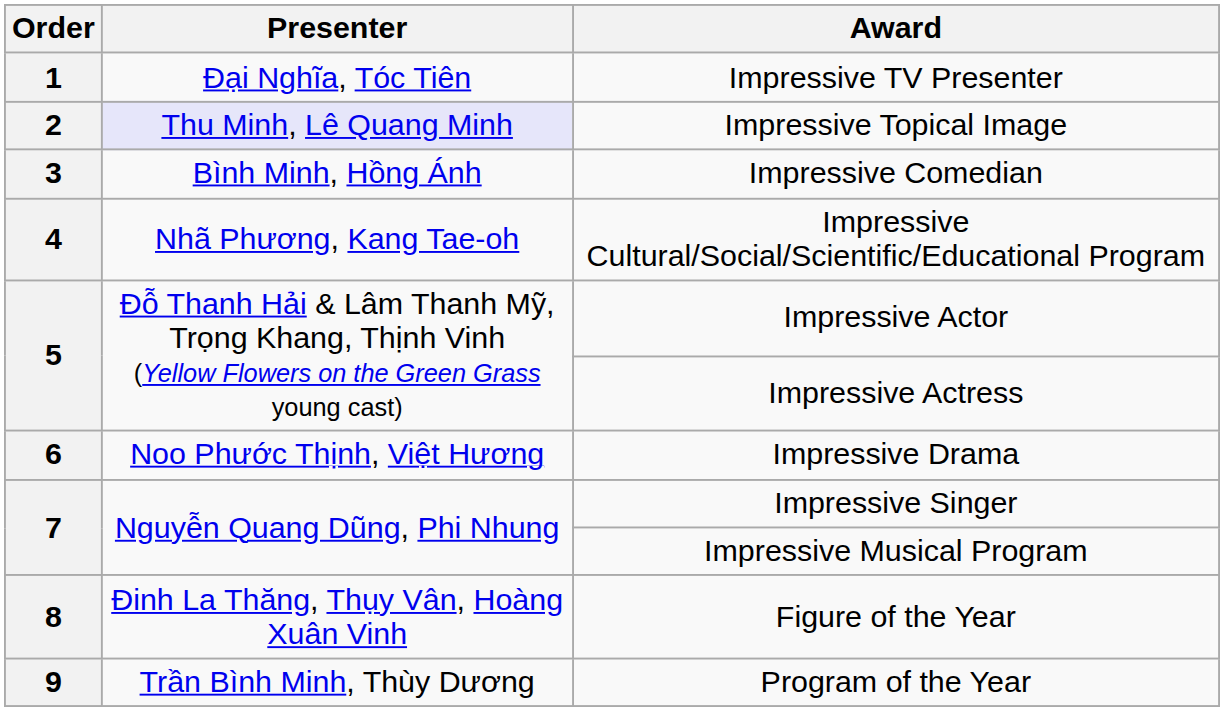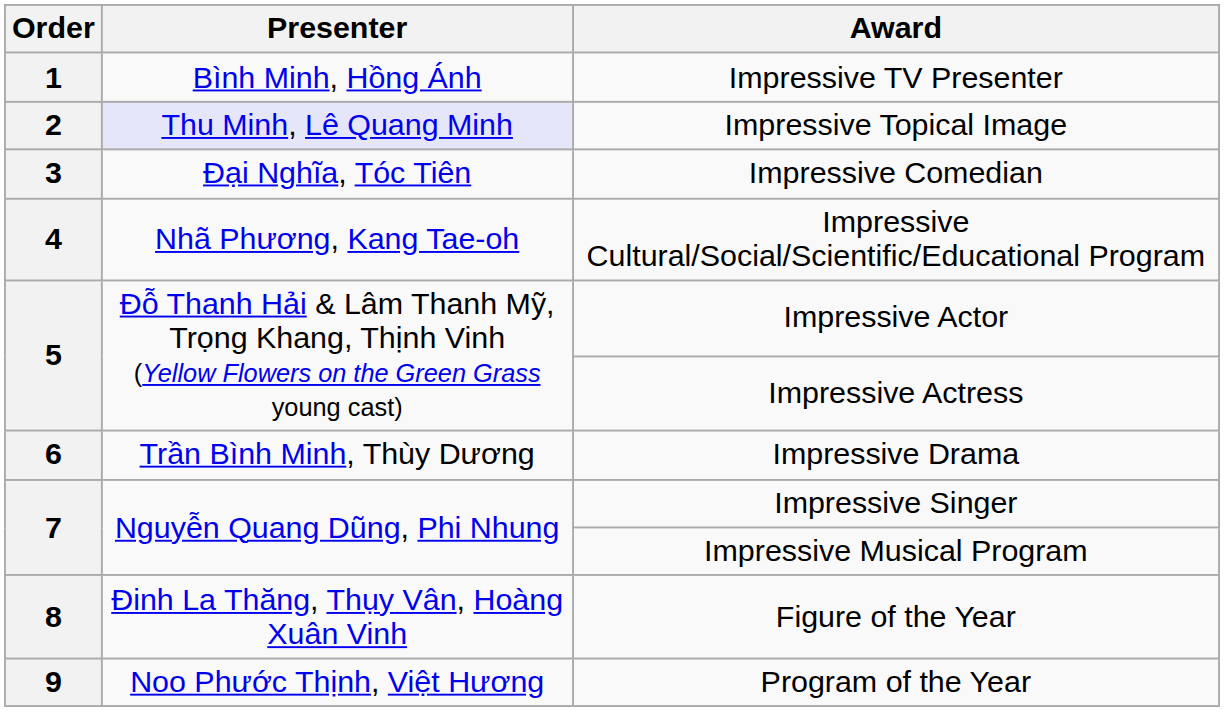 <table class="wikitable" style="text-align:center; width:72.4%;">
 <tr>
 <th>Order</th>
 <th>Presenter</th>
 <th>Award</th>
 </tr>
 <tr>
 <th>1</th>
-<td><a href='#'>Đại Nghĩa</a>, <a href='#'>Tóc Tiên</a></td>
+<td><a href='#'>Bình Minh</a>, <a href='#'>Hồng Ánh</a></td>
 <td>Impressive TV Presenter</td>
 </tr>
 <tr>
 <th>2</th>
 <td style="background: lavender;"><a href='#'>Thu Minh</a>, <a href='#'>Lê Quang Minh</a></td>
 <td>Impressive Topical Image</td>
 </tr>
 <tr>
 <th>3</th>
-<td><a href='#'>Bình Minh</a>, <a href='#'>Hồng Ánh</a></td>
+<td><a href='#'>Đại Nghĩa</a>, <a href='#'>Tóc Tiên</a></td>
 <td>Impressive Comedian</td>
 </tr>
 <tr>
 <th>4</th>
 <td><a href='#'>Nhã Phương</a>, <a href='#'>Kang Tae-oh</a></td>
 <td>Impressive Cultural/Social/Scientific/Educational Program</td>
 </tr>
 <tr>
 <th rowspan="2">5</th>
 <td rowspan="2"><a href='#'>Đỗ Thanh Hải</a> & Lâm Thanh Mỹ, Trọng Khang, Thịnh Vinh <br><small>(<em><a href='#'>Yellow Flowers on the Green Grass</a></em> young cast)</small></td>
 <td>Impressive Actor</td>
 </tr>
 <tr>
 <td>Impressive Actress</td>
 </tr>
 <tr>
 <th>6</th>
-<td><a href='#'>Noo Phước Thịnh</a>, <a href='#'>Việt Hương</a></td>
+<td><a href='#'>Trần Bình Minh</a>, Thùy Dương</td>
 <td>Impressive Drama</td>
 </tr>
 <tr>
 <th rowspan="2">7</th>
 <td rowspan="2"><a href='#'>Nguyễn Quang Dũng</a>, <a href='#'>Phi Nhung</a></td>
 <td>Impressive Singer</td>
 </tr>
 <tr>
 <td>Impressive Musical Program</td>
 </tr>
 <tr>
 <th>8</th>
 <td><a href='#'>Đinh La Thăng</a>, <a href='#'>Thụy Vân</a>, <a href='#'>Hoàng Xuân Vinh</a></td>
 <td>Figure of the Year</td>
 </tr>
 <tr>
 <th>9</th>
-<td><a href='#'>Trần Bình Minh</a>, Thùy Dương</td>
+<td><a href='#'>Noo Phước Thịnh</a>, <a href='#'>Việt Hương</a></td>
 <td>Program of the Year</td>
 </tr>
 </table>
